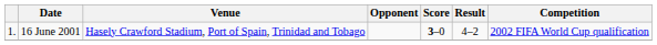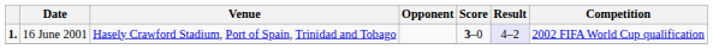 <table class="wikitable">
 <tr>
 <th></th>
 <th>Date</th>
 <th>Venue</th>
 <th>Opponent</th>
 <th>Score</th>
 <th>Result</th>
 <th>Competition</th>
 </tr>
 <tr>
-<td align="center">1.</td>
+<td align="center"><strong>1.</strong></td>
 <td>16 June 2001</td>
 <td><a href='#'>Hasely Crawford Stadium</a>, <a href='#'>Port of Spain</a>, <a href='#'>Trinidad and Tobago</a></td>
 <td></td>
 <td align="center"><strong>3</strong>–0</td>
-<td align="center">4–2</td>
+<td align="center" style="background: lavender;">4–2</td>
 <td><a href='#'>2002 FIFA World Cup qualification</a></td>
 </tr>
 <tr>
 </tr>
 </table>
